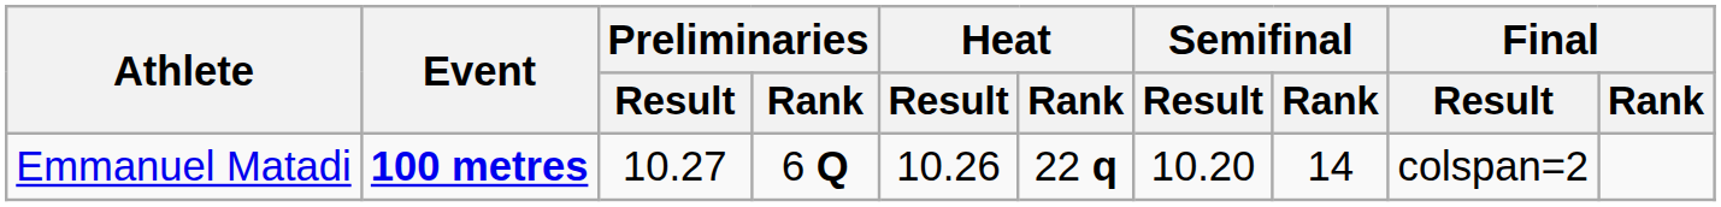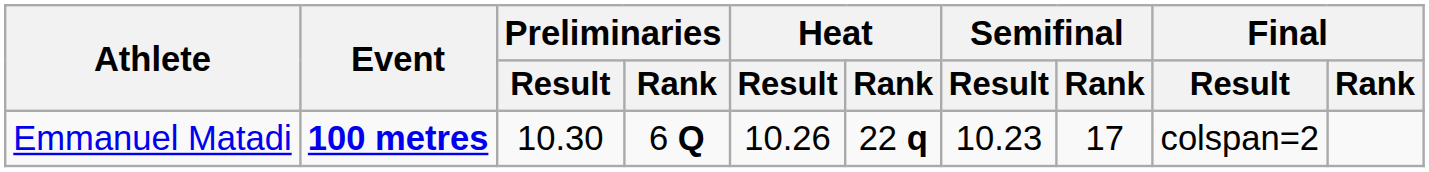 <table class="wikitable" style="font-size:90%">
 <tr>
 <th rowspan="2">Athlete</th>
 <th rowspan="2">Event</th>
 <th colspan="2">Preliminaries</th>
 <th colspan="2">Heat</th>
 <th colspan="2">Semifinal</th>
 <th colspan="2">Final</th>
 </tr>
 <tr style="font-size:95%">
 <th>Result</th>
 <th>Rank</th>
 <th>Result</th>
 <th>Rank</th>
 <th>Result</th>
 <th>Rank</th>
 <th>Result</th>
 <th>Rank</th>
 </tr>
 <tr style=text-align:center>
 <td style=text-align:left><a href='#'>Emmanuel Matadi</a></td>
 <td style=text-align:left><strong><a href='#'>100 metres</a></strong></td>
-<td>10.27</td>
+<td>10.30</td>
 <td>6 <strong>Q</strong></td>
 <td>10.26</td>
 <td>22 <strong>q</strong></td>
-<td>10.20</td>
-<td>14</td>
+<td>10.23</td>
+<td>17</td>
 <td>colspan=2 </td>
 </tr>
 </table>
